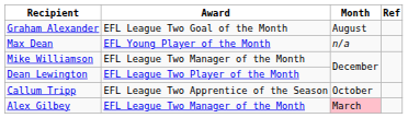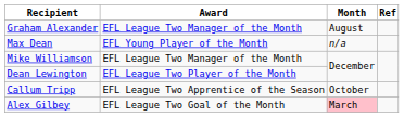 <table class="wikitable plainrowheaders sortable">
 <tr>
 <th style="background:white; color:black; ">Recipient</th>
 <th style="background:white; color:black; ">Award</th>
 <th style="background:white; color:black; ">Month</th>
 <th style="background:white; color:black; ">Ref</th>
 </tr>
 <tr>
 <td> <a href='#'>Graham Alexander</a></td>
-<td>EFL League Two Goal of the Month</td>
+<td><a href='#'>EFL League Two Manager of the Month</a></td>
 <td>August</td>
 <td></td>
 </tr>
 <tr>
 <td> <a href='#'>Max Dean</a></td>
 <td><a href='#'>EFL Young Player of the Month</a></td>
 <td><em>n/a</em></td>
 <td></td>
 </tr>
 <tr>
 <td> <a href='#'>Mike Williamson</a></td>
 <td>EFL League Two Manager of the Month</td>
 <td rowspan="2">December</td>
 <td rowspan="2"></td>
 </tr>
 <tr>
 <td> <a href='#'>Dean Lewington</a></td>
 <td><a href='#'>EFL League Two Player of the Month</a></td>
 </tr>
 <tr>
 <td> <a href='#'>Callum Tripp</a></td>
 <td>EFL League Two Apprentice of the Season</td>
 <td>October</td>
 <td></td>
 </tr>
 <tr>
 <td> <a href='#'>Alex Gilbey</a></td>
-<td><a href='#'>EFL League Two Manager of the Month</a></td>
+<td>EFL League Two Goal of the Month</td>
 <td style="background: pink;">March</td>
 <td></td>
 </tr>
 </table>
